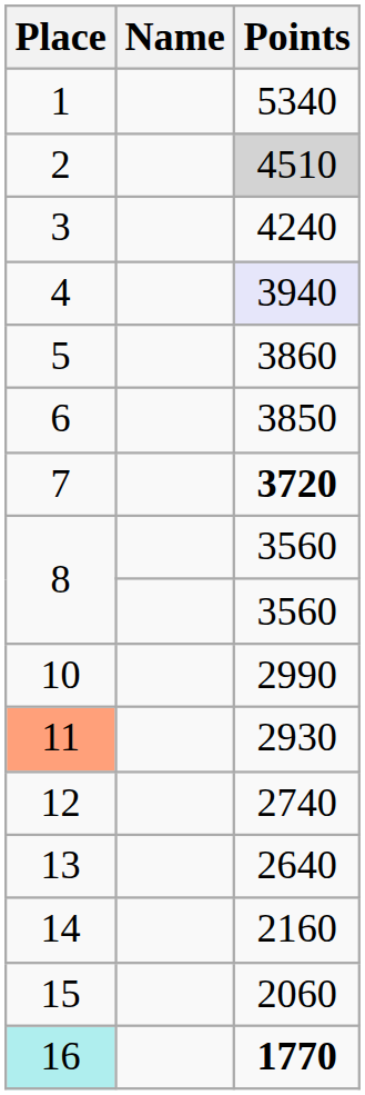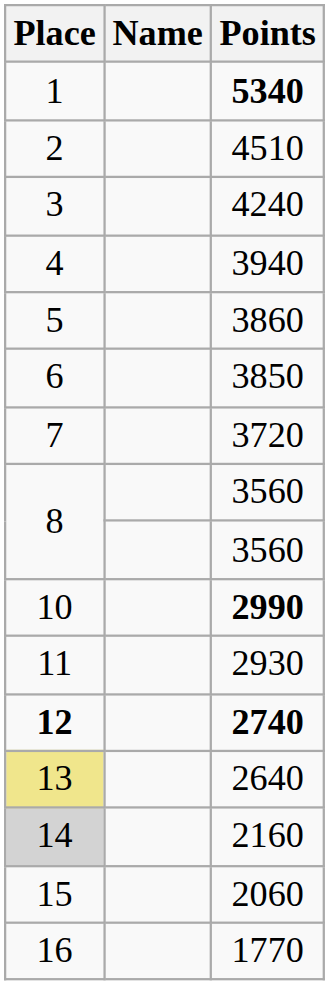 <table class="wikitable" style="text-align:center">
 <tr>
 <th>Place</th>
 <th>Name</th>
 <th>Points</th>
 </tr>
 <tr>
 <td>1</td>
 <td align=left></td>
-<td>5340</td>
+<td><strong>5340</strong></td>
 </tr>
 <tr>
 <td>2</td>
 <td align=left></td>
-<td style="background: lightgrey;">4510</td>
+<td>4510</td>
 </tr>
 <tr>
 <td>3</td>
 <td align=left></td>
 <td>4240</td>
 </tr>
 <tr>
 <td>4</td>
 <td align=left></td>
-<td style="background: lavender;">3940</td>
+<td>3940</td>
 </tr>
 <tr>
 <td>5</td>
 <td align=left></td>
 <td>3860</td>
 </tr>
 <tr>
 <td>6</td>
 <td align=left></td>
 <td>3850</td>
 </tr>
 <tr>
 <td>7</td>
 <td align=left></td>
-<td><strong>3720</strong></td>
+<td>3720</td>
 </tr>
 <tr>
 <td rowspan=2>8</td>
 <td align=left></td>
 <td>3560</td>
 </tr>
 <tr>
 <td align=left></td>
 <td>3560</td>
 </tr>
 <tr>
 <td>10</td>
 <td align=left></td>
-<td>2990</td>
+<td><strong>2990</strong></td>
 </tr>
 <tr>
-<td style="background: lightsalmon;">11</td>
+<td>11</td>
 <td align=left></td>
 <td>2930</td>
 </tr>
 <tr>
-<td>12</td>
+<td><strong>12</strong></td>
 <td align=left></td>
-<td>2740</td>
+<td><strong>2740</strong></td>
 </tr>
 <tr>
-<td>13</td>
+<td style="background: khaki;">13</td>
 <td align=left></td>
 <td>2640</td>
 </tr>
 <tr>
-<td>14</td>
+<td style="background: lightgrey;">14</td>
 <td align=left></td>
 <td>2160</td>
 </tr>
 <tr>
 <td>15</td>
 <td align=left></td>
 <td>2060</td>
 </tr>
 <tr>
-<td style="background: paleturquoise;">16</td>
+<td>16</td>
 <td align=left></td>
-<td><strong>1770</strong></td>
+<td>1770</td>
 </tr>
 </table>
